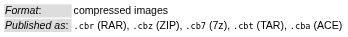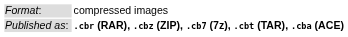 <table style="text-align:left;">
 <tr>
 <td style="background:#ddd; width:100px;"><em>Format</em>:</td>
 <td>compressed images</td>
 </tr>
 <tr>
 <td style="background:#ddd;"><em>Published as</em>:</td>
-<td><code>.cbr</code> (RAR), <code>.cbz</code> (ZIP), <code>.cb7</code> (7z), <code>.cbt</code> (TAR), <code>.cba</code> (ACE)</td>
+<td><strong><code>.cbr</code> (RAR), <code>.cbz</code> (ZIP), <code>.cb7</code> (7z), <code>.cbt</code> (TAR), <code>.cba</code> (ACE)</strong></td>
 </tr>
 </table>
